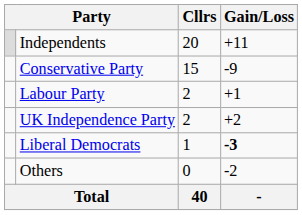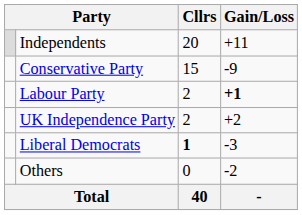 <table class="wikitable">
 <tr>
 <th colspan="2">Party</th>
 <th>Cllrs</th>
 <th>Gain/Loss</th>
 </tr>
 <tr>
 <td bgcolor="gainsboro"> </td>
 <td>Independents</td>
 <td>20</td>
 <td>+11</td>
 </tr>
 <tr>
 <td></td>
 <td><a href='#'>Conservative Party</a></td>
 <td>15</td>
 <td>-9</td>
 </tr>
 <tr>
 <td></td>
 <td><a href='#'>Labour Party</a></td>
 <td>2</td>
-<td>+1</td>
+<td><strong>+1</strong></td>
 </tr>
 <tr>
 <td></td>
 <td><a href='#'>UK Independence Party</a></td>
 <td>2</td>
 <td>+2</td>
 </tr>
 <tr>
 <td></td>
 <td><a href='#'>Liberal Democrats</a></td>
-<td>1</td>
-<td><strong>-3</strong></td>
+<td><strong>1</strong></td>
+<td>-3</td>
 </tr>
 <tr>
 <td> </td>
 <td>Others </td>
 <td>0</td>
 <td>-2</td>
 </tr>
 <tr>
 <th colspan="2">Total</th>
 <th>40</th>
 <th>-</th>
 </tr>
 <tr>
 </tr>
 </table>
